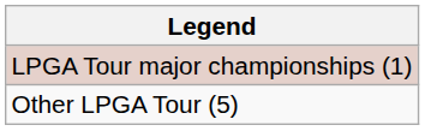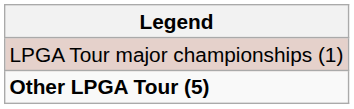 <table class="wikitable" style="font-size:95%;">
 <tr>
 <th>Legend</th>
 </tr>
 <tr style="background:#e5d1cb;">
 <td>LPGA Tour major championships (1)</td>
 </tr>
 <tr>
-<td>Other LPGA Tour (5)</td>
+<td><strong>Other LPGA Tour (5)</strong></td>
 </tr>
 </table>
